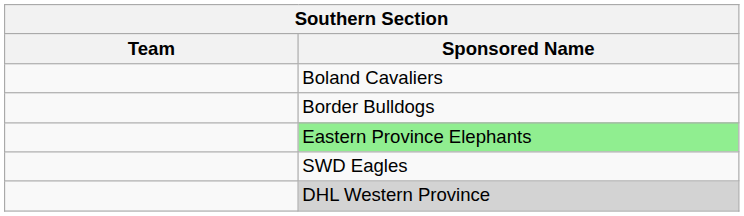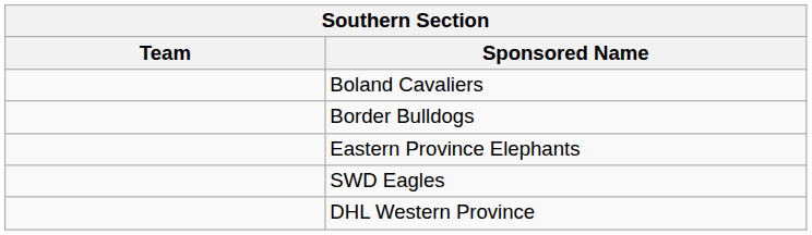 <table class="wikitable collapsible sortable" style="text-align:left; font-size:100%; width:40%;">
 <tr>
 <th colspan="100%" align=center>Southern Section</th>
 </tr>
 <tr>
 <th width="40%">Team</th>
 <th width="60%">Sponsored Name</th>
 </tr>
 <tr>
 <td></td>
 <td>Boland Cavaliers</td>
 </tr>
 <tr>
 <td></td>
 <td>Border Bulldogs</td>
 </tr>
 <tr>
 <td></td>
-<td style="background: lightgreen;">Eastern Province Elephants</td>
+<td>Eastern Province Elephants</td>
 </tr>
 <tr>
 <td></td>
 <td>SWD Eagles</td>
 </tr>
 <tr>
 <td></td>
-<td style="background: lightgrey;">DHL Western Province</td>
+<td>DHL Western Province</td>
 </tr>
 </table>
